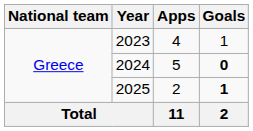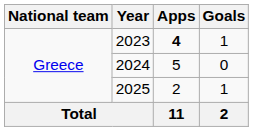 <table class=wikitable style=text-align:center>
 <tr>
 <th>National team</th>
 <th>Year</th>
 <th>Apps</th>
 <th>Goals</th>
 </tr>
 <tr>
 <td rowspan="3"><a href='#'>Greece</a></td>
 <td>2023</td>
-<td>4</td>
+<td><strong>4</strong></td>
 <td>1</td>
 </tr>
 <tr>
 <td>2024</td>
 <td>5</td>
-<td><strong>0</strong></td>
+<td>0</td>
 </tr>
 <tr>
 <td>2025</td>
 <td>2</td>
-<td><strong>1</strong></td>
+<td>1</td>
 </tr>
 <tr>
 <th colspan="2">Total</th>
 <th>11</th>
 <th>2</th>
 </tr>
 </table>
